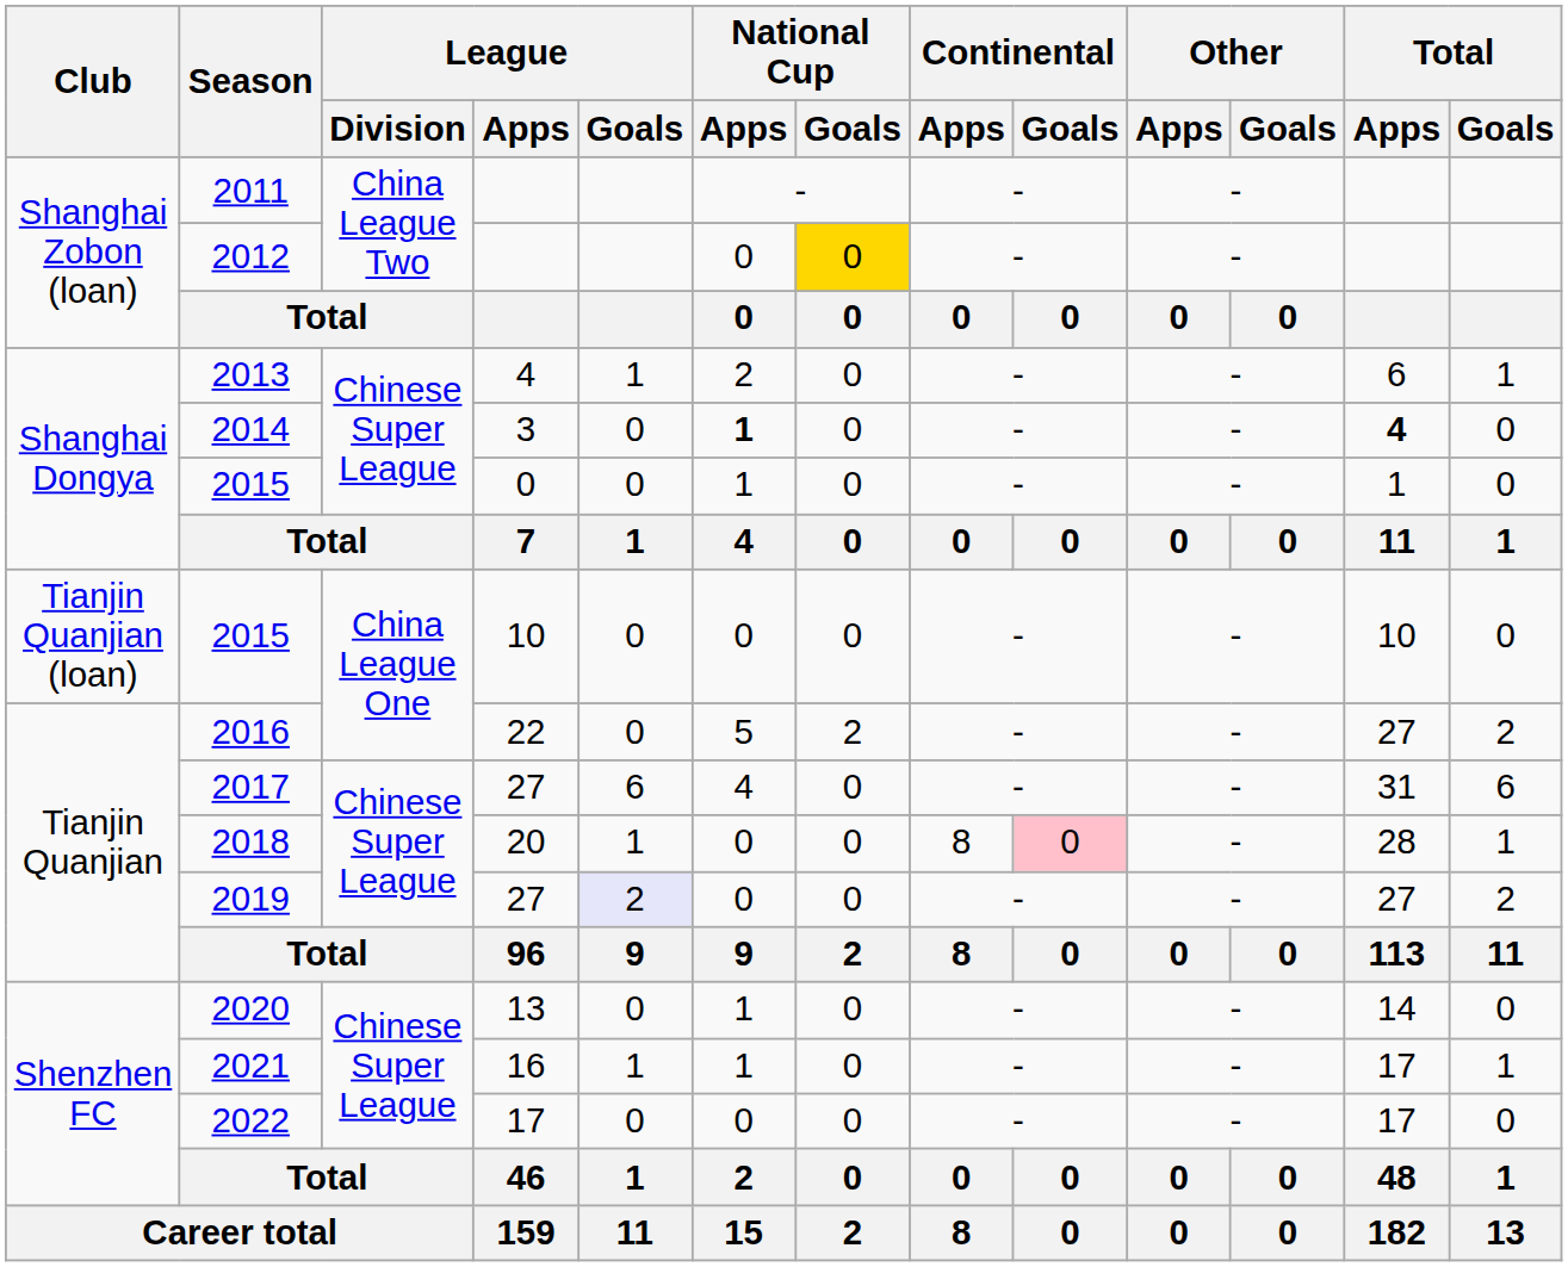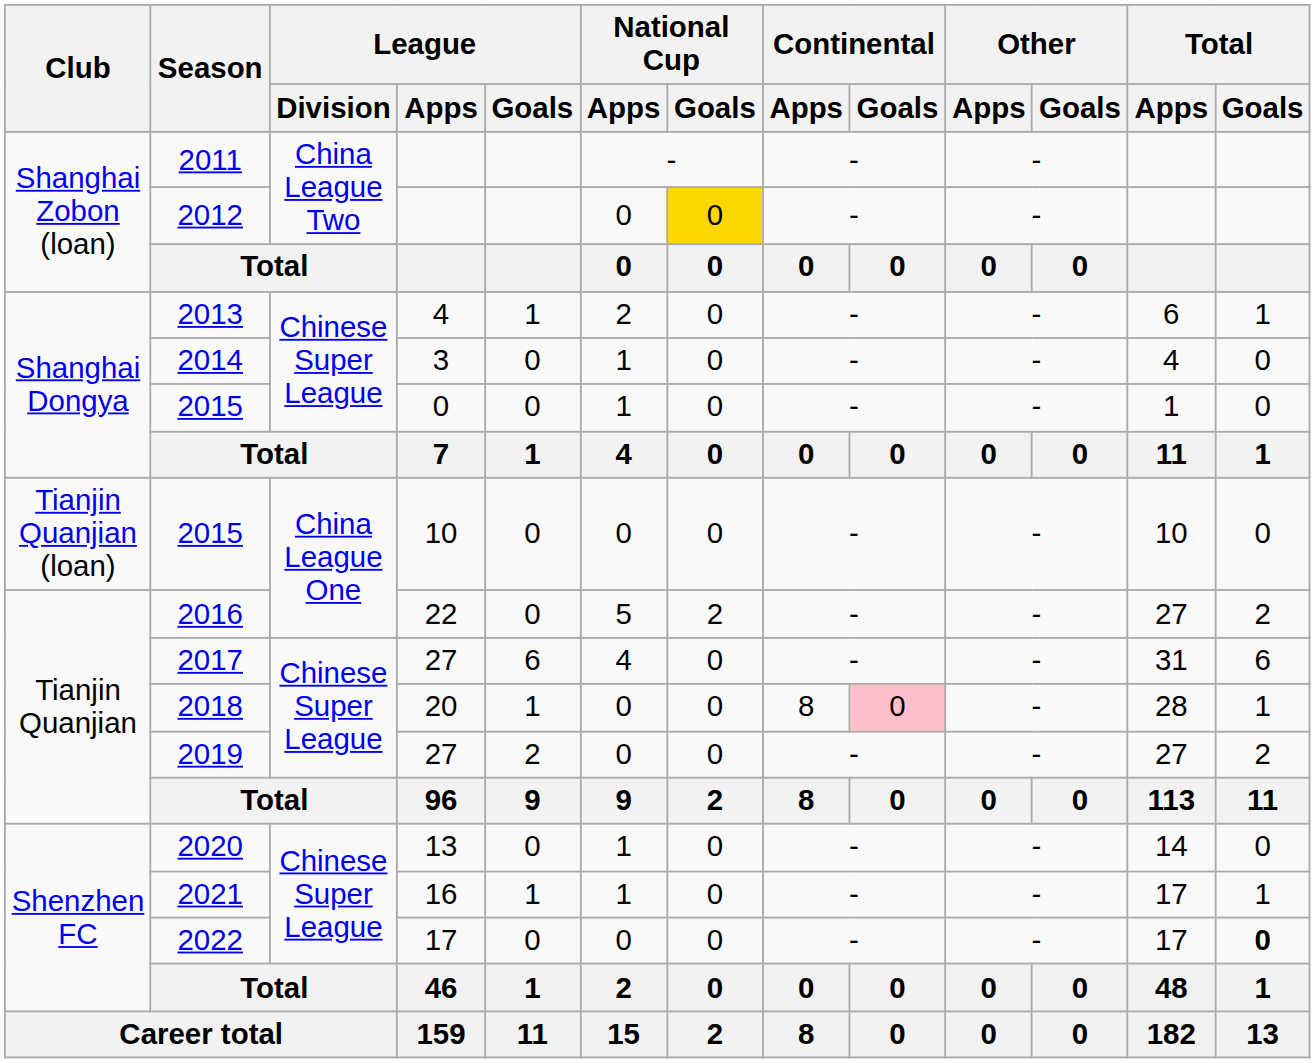 <table class="wikitable" style="text-align: center">
 <tr>
 <th rowspan="2">Club</th>
 <th rowspan="2">Season</th>
 <th colspan="3">League</th>
 <th colspan="2">National Cup</th>
 <th colspan="2">Continental</th>
 <th colspan="2">Other</th>
 <th colspan="2">Total</th>
 </tr>
 <tr>
 <th>Division</th>
 <th>Apps</th>
 <th>Goals</th>
 <th>Apps</th>
 <th>Goals</th>
 <th>Apps</th>
 <th>Goals</th>
 <th>Apps</th>
 <th>Goals</th>
 <th>Apps</th>
 <th>Goals</th>
 </tr>
 <tr>
 <td rowspan=3><a href='#'>Shanghai Zobon</a> (loan)</td>
 <td><a href='#'>2011</a></td>
 <td rowspan="2"><a href='#'>China League Two</a></td>
 <td></td>
 <td></td>
 <td colspan="2">-</td>
 <td colspan="2">-</td>
 <td colspan="2">-</td>
 <td></td>
 <td></td>
 </tr>
 <tr>
 <td><a href='#'>2012</a></td>
 <td></td>
 <td></td>
 <td>0</td>
 <td style="background: gold;">0</td>
 <td colspan="2">-</td>
 <td colspan="2">-</td>
 <td></td>
 <td></td>
 </tr>
 <tr>
 <th colspan=2>Total</th>
 <th></th>
 <th></th>
 <th>0</th>
 <th>0</th>
 <th>0</th>
 <th>0</th>
 <th>0</th>
 <th>0</th>
 <th></th>
 <th></th>
 </tr>
 <tr>
 <td rowspan=4><a href='#'>Shanghai Dongya</a></td>
 <td><a href='#'>2013</a></td>
 <td rowspan="3"><a href='#'>Chinese Super League</a></td>
 <td>4</td>
 <td>1</td>
 <td>2</td>
 <td>0</td>
 <td colspan="2">-</td>
 <td colspan="2">-</td>
 <td>6</td>
 <td>1</td>
 </tr>
 <tr>
 <td><a href='#'>2014</a></td>
 <td>3</td>
 <td>0</td>
-<td><strong>1</strong></td>
+<td>1</td>
 <td>0</td>
 <td colspan="2">-</td>
 <td colspan="2">-</td>
-<td><strong>4</strong></td>
+<td>4</td>
 <td>0</td>
 </tr>
 <tr>
 <td><a href='#'>2015</a></td>
 <td>0</td>
 <td>0</td>
 <td>1</td>
 <td>0</td>
 <td colspan="2">-</td>
 <td colspan="2">-</td>
 <td>1</td>
 <td>0</td>
 </tr>
 <tr>
 <th colspan=2>Total</th>
 <th>7</th>
 <th>1</th>
 <th>4</th>
 <th>0</th>
 <th>0</th>
 <th>0</th>
 <th>0</th>
 <th>0</th>
 <th>11</th>
 <th>1</th>
 </tr>
 <tr>
 <td><a href='#'>Tianjin Quanjian</a> (loan)</td>
 <td><a href='#'>2015</a></td>
 <td rowspan="2"><a href='#'>China League One</a></td>
 <td>10</td>
 <td>0</td>
 <td>0</td>
 <td>0</td>
 <td colspan="2">-</td>
 <td colspan="2">-</td>
 <td>10</td>
 <td>0</td>
 </tr>
 <tr>
 <td rowspan=5>Tianjin Quanjian</td>
 <td><a href='#'>2016</a></td>
 <td>22</td>
 <td>0</td>
 <td>5</td>
 <td>2</td>
 <td colspan="2">-</td>
 <td colspan="2">-</td>
 <td>27</td>
 <td>2</td>
 </tr>
 <tr>
 <td><a href='#'>2017</a></td>
 <td rowspan=3><a href='#'>Chinese Super League</a></td>
 <td>27</td>
 <td>6</td>
 <td>4</td>
 <td>0</td>
 <td colspan="2">-</td>
 <td colspan="2">-</td>
 <td>31</td>
 <td>6</td>
 </tr>
 <tr>
 <td><a href='#'>2018</a></td>
 <td>20</td>
 <td>1</td>
 <td>0</td>
 <td>0</td>
 <td>8</td>
 <td style="background: pink;">0</td>
 <td colspan="2">-</td>
 <td>28</td>
 <td>1</td>
 </tr>
 <tr>
 <td><a href='#'>2019</a></td>
 <td>27</td>
-<td style="background: lavender;">2</td>
+<td>2</td>
 <td>0</td>
 <td>0</td>
 <td colspan="2">-</td>
 <td colspan="2">-</td>
 <td>27</td>
 <td>2</td>
 </tr>
 <tr>
 <th colspan=2>Total</th>
 <th>96</th>
 <th>9</th>
 <th>9</th>
 <th>2</th>
 <th>8</th>
 <th>0</th>
 <th>0</th>
 <th>0</th>
 <th>113</th>
 <th>11</th>
 </tr>
 <tr>
 <td rowspan=4><a href='#'>Shenzhen FC</a></td>
 <td><a href='#'>2020</a></td>
 <td rowspan=3><a href='#'>Chinese Super League</a></td>
 <td>13</td>
 <td>0</td>
 <td>1</td>
 <td>0</td>
 <td colspan="2">-</td>
 <td colspan="2">-</td>
 <td>14</td>
 <td>0</td>
 </tr>
 <tr>
 <td><a href='#'>2021</a></td>
 <td>16</td>
 <td>1</td>
 <td>1</td>
 <td>0</td>
 <td colspan="2">-</td>
 <td colspan="2">-</td>
 <td>17</td>
 <td>1</td>
 </tr>
 <tr>
 <td><a href='#'>2022</a></td>
 <td>17</td>
 <td>0</td>
 <td>0</td>
 <td>0</td>
 <td colspan="2">-</td>
 <td colspan="2">-</td>
 <td>17</td>
-<td>0</td>
+<td><strong>0</strong></td>
 </tr>
 <tr>
 <th colspan=2>Total</th>
 <th>46</th>
 <th>1</th>
 <th>2</th>
 <th>0</th>
 <th>0</th>
 <th>0</th>
 <th>0</th>
 <th>0</th>
 <th>48</th>
 <th>1</th>
 </tr>
 <tr>
 <th colspan=3>Career total</th>
 <th>159</th>
 <th>11</th>
 <th>15</th>
 <th>2</th>
 <th>8</th>
 <th>0</th>
 <th>0</th>
 <th>0</th>
 <th>182</th>
 <th>13</th>
 </tr>
 </table>
